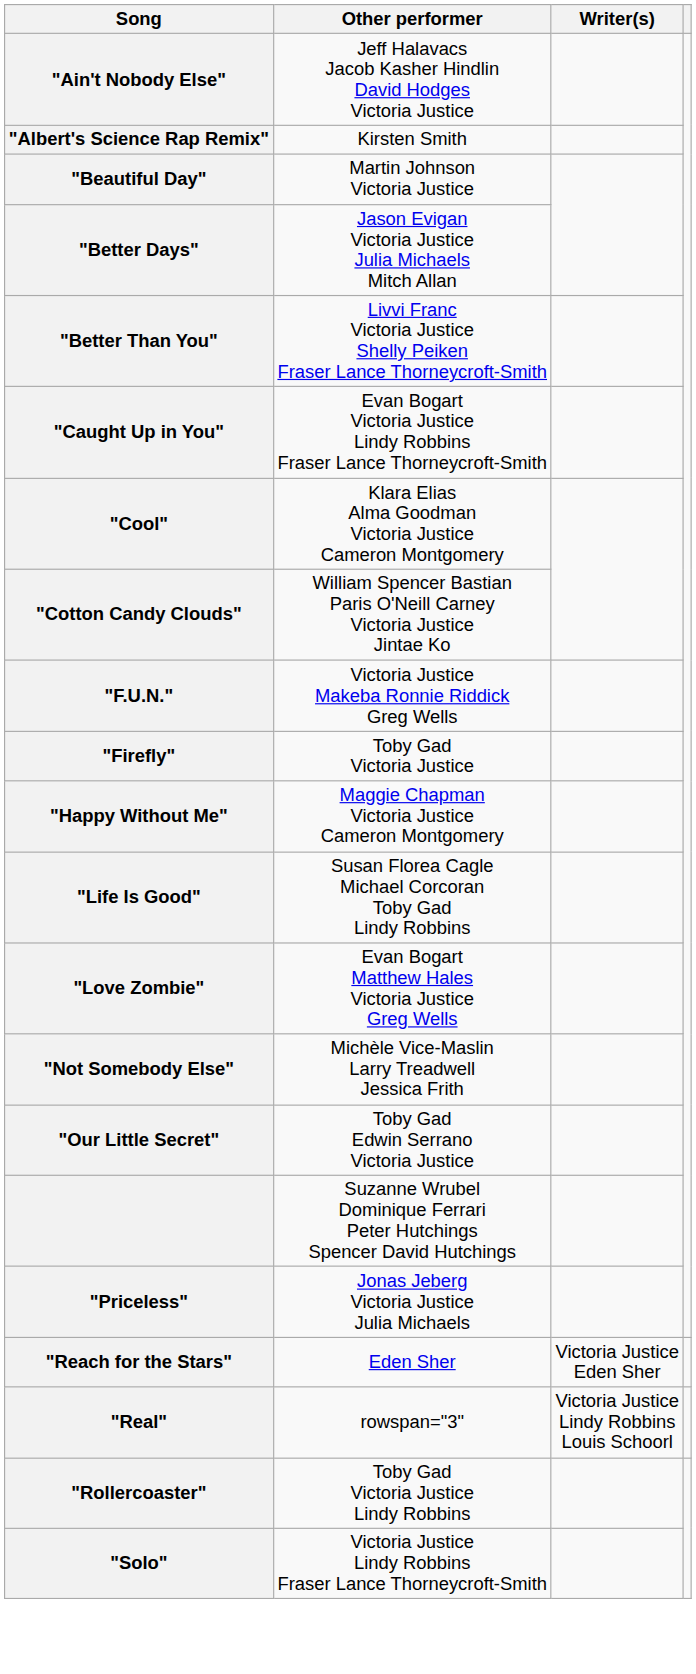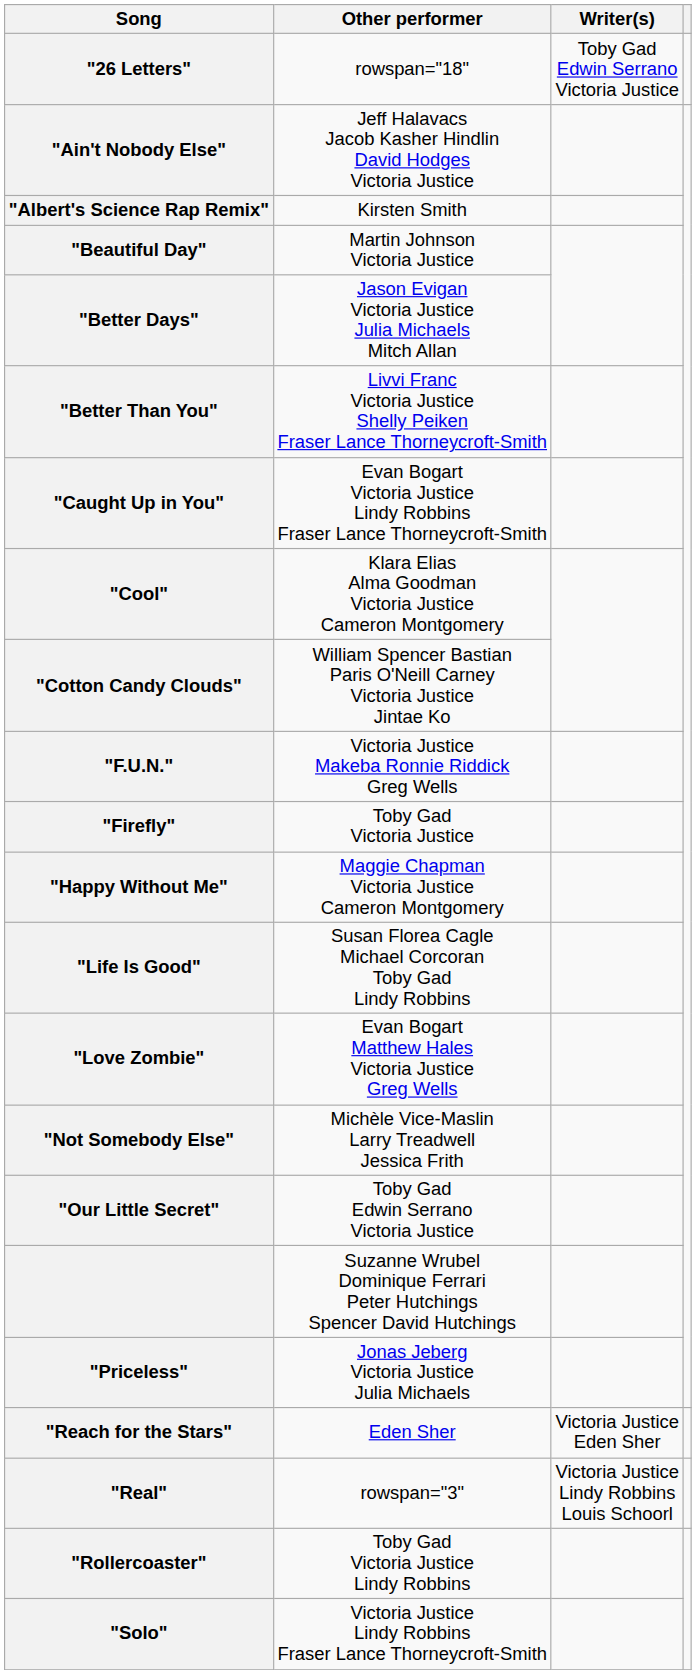 <table class="wikitable sortable plainrowheaders" style="text-align:center;">
 <tr>
 <th scope="col">Song</th>
 <th scope="col">Other performer</th>
 <th scope="col" class="unsortable">Writer(s)</th>
 <th scope="col" class="unsortable"></th>
+</tr>
+<tr>
+<th scope="row">"26 Letters"</th>
+<td>rowspan="18" </td>
+<td>Toby Gad<br><a href='#'>Edwin Serrano</a><br>Victoria Justice</td>
+<td></td>
 </tr>
 <tr>
 <th scope="row">"Ain't Nobody Else"</th>
 <td>Jeff Halavacs<br>Jacob Kasher Hindlin<br><a href='#'>David Hodges</a><br>Victoria Justice</td>
 <td></td>
 </tr>
 <tr>
 <th scope="row">"Albert's Science Rap Remix"</th>
 <td>Kirsten Smith</td>
 <td></td>
 </tr>
 <tr>
 <th scope="row">"Beautiful Day"</th>
 <td>Martin Johnson<br>Victoria Justice</td>
 <td rowspan="2"></td>
 </tr>
 <tr>
 <th scope="row">"Better Days"</th>
 <td><a href='#'>Jason Evigan</a><br>Victoria Justice<br><a href='#'>Julia Michaels</a><br>Mitch Allan</td>
 </tr>
 <tr>
 <th scope="row">"Better Than You"</th>
 <td><a href='#'>Livvi Franc</a><br>Victoria Justice<br><a href='#'>Shelly Peiken</a><br><a href='#'>Fraser Lance Thorneycroft-Smith</a></td>
 <td></td>
 </tr>
 <tr>
 <th scope="row">"Caught Up in You"</th>
 <td>Evan Bogart<br>Victoria Justice<br>Lindy Robbins<br>Fraser Lance Thorneycroft-Smith</td>
 <td></td>
 </tr>
 <tr>
 <th scope="row">"Cool"</th>
 <td>Klara Elias<br>Alma Goodman<br>Victoria Justice<br>Cameron Montgomery</td>
 <td rowspan="2"></td>
 </tr>
 <tr>
 <th scope="row">"Cotton Candy Clouds"</th>
 <td>William Spencer Bastian<br>Paris O'Neill Carney<br>Victoria Justice<br>Jintae Ko</td>
 </tr>
 <tr>
 <th scope="row">"F.U.N."</th>
 <td>Victoria Justice<br><a href='#'>Makeba Ronnie Riddick</a><br>Greg Wells</td>
 <td></td>
 </tr>
 <tr>
 <th scope="row">"Firefly"</th>
 <td>Toby Gad<br>Victoria Justice</td>
 <td></td>
 </tr>
 <tr>
 <th scope="row">"Happy Without Me"</th>
 <td><a href='#'>Maggie Chapman</a><br>Victoria Justice<br>Cameron Montgomery</td>
 <td></td>
 </tr>
 <tr>
 <th scope="row">"Life Is Good"</th>
 <td>Susan Florea Cagle<br>Michael Corcoran<br>Toby Gad<br>Lindy Robbins</td>
 <td></td>
 </tr>
 <tr>
 <th scope="row">"Love Zombie"</th>
 <td>Evan Bogart<br><a href='#'>Matthew Hales</a><br>Victoria Justice<br><a href='#'>Greg Wells</a></td>
 <td></td>
 </tr>
 <tr>
 <th scope="row">"Not Somebody Else"</th>
 <td>Michèle Vice-Maslin<br>Larry Treadwell<br>Jessica Frith</td>
 <td></td>
 </tr>
 <tr>
 <th scope="row">"Our Little Secret"</th>
 <td>Toby Gad<br>Edwin Serrano<br>Victoria Justice</td>
 <td></td>
 </tr>
 <tr>
 <th scope="row"></th>
 <td>Suzanne Wrubel<br>Dominique Ferrari<br>Peter Hutchings<br>Spencer David Hutchings</td>
 <td></td>
 </tr>
 <tr>
 <th scope="row">"Priceless"</th>
 <td><a href='#'>Jonas Jeberg</a><br>Victoria Justice<br>Julia Michaels</td>
 <td></td>
 </tr>
 <tr>
 <th scope="row">"Reach for the Stars"</th>
 <td><a href='#'>Eden Sher</a></td>
 <td>Victoria Justice<br>Eden Sher</td>
 <td></td>
 </tr>
 <tr>
 <th scope="row">"Real"</th>
 <td>rowspan="3" </td>
 <td>Victoria Justice<br>Lindy Robbins<br>Louis Schoorl</td>
 <td></td>
 </tr>
 <tr>
 <th scope="row">"Rollercoaster"</th>
 <td>Toby Gad<br>Victoria Justice<br>Lindy Robbins</td>
 <td></td>
 </tr>
 <tr>
 <th scope="row">"Solo"</th>
 <td>Victoria Justice<br>Lindy Robbins<br>Fraser Lance Thorneycroft-Smith</td>
 <td></td>
 </tr>
 </table>
